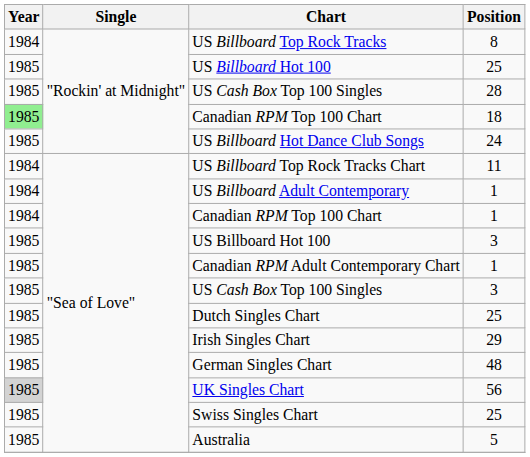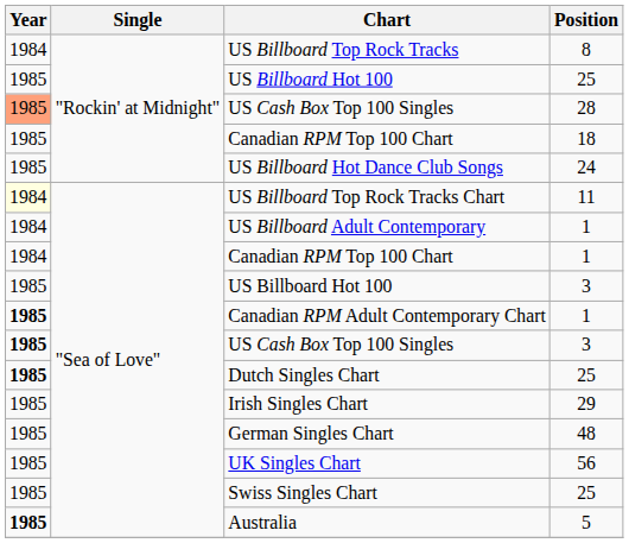 <table class="wikitable" border="1">
 <tr>
 <th>Year</th>
 <th>Single</th>
 <th>Chart</th>
 <th>Position</th>
 </tr>
 <tr>
 <td>1984</td>
 <td rowspan="5">"Rockin' at Midnight"</td>
 <td>US <em>Billboard</em> <a href='#'>Top Rock Tracks</a></td>
 <td align="center">8</td>
 </tr>
 <tr>
 <td>1985</td>
 <td>US <a href='#'><em>Billboard</em> Hot 100</a></td>
 <td align="center">25</td>
 </tr>
 <tr>
-<td>1985</td>
+<td style="background: lightsalmon;">1985</td>
 <td>US <em>Cash Box</em> Top 100 Singles</td>
 <td align="center">28</td>
 </tr>
 <tr>
-<td style="background: lightgreen;">1985</td>
+<td>1985</td>
 <td>Canadian <em>RPM</em> Top 100 Chart</td>
 <td align="center">18</td>
 </tr>
 <tr>
 <td>1985</td>
 <td>US <em>Billboard</em> <a href='#'>Hot Dance Club Songs</a></td>
 <td align="center">24</td>
 </tr>
 <tr>
-<td>1984</td>
+<td style="background: lightyellow;">1984</td>
 <td rowspan="12">"Sea of Love"</td>
 <td>US <em>Billboard</em> Top Rock Tracks Chart</td>
 <td align="center">11</td>
 </tr>
 <tr>
 <td>1984</td>
 <td>US <em>Billboard</em> <a href='#'>Adult Contemporary</a></td>
 <td align="center">1</td>
 </tr>
 <tr>
 <td>1984</td>
 <td>Canadian <em>RPM</em> Top 100 Chart</td>
 <td align="center">1</td>
 </tr>
 <tr>
 <td>1985</td>
 <td>US Billboard Hot 100</td>
 <td align="center">3</td>
 </tr>
 <tr>
-<td>1985</td>
+<td><strong>1985</strong></td>
 <td>Canadian <em>RPM</em> Adult Contemporary Chart</td>
 <td align="center">1</td>
 </tr>
 <tr>
-<td>1985</td>
+<td><strong>1985</strong></td>
 <td>US <em>Cash Box</em> Top 100 Singles</td>
 <td align="center">3</td>
 </tr>
 <tr>
-<td>1985</td>
+<td><strong>1985</strong></td>
 <td>Dutch Singles Chart</td>
 <td align="center">25</td>
 </tr>
 <tr>
 <td>1985</td>
 <td>Irish Singles Chart</td>
 <td align="center">29</td>
 </tr>
 <tr>
 <td>1985</td>
 <td>German Singles Chart</td>
 <td align="center">48</td>
 </tr>
 <tr>
-<td style="background: lightgrey;">1985</td>
+<td>1985</td>
 <td><a href='#'>UK Singles Chart</a></td>
 <td align="center">56</td>
 </tr>
 <tr>
 <td>1985</td>
 <td>Swiss Singles Chart</td>
 <td align="center">25</td>
 </tr>
 <tr>
-<td>1985</td>
+<td><strong>1985</strong></td>
 <td>Australia</td>
 <td align="center">5</td>
 </tr>
 <tr>
 </tr>
 </table>
